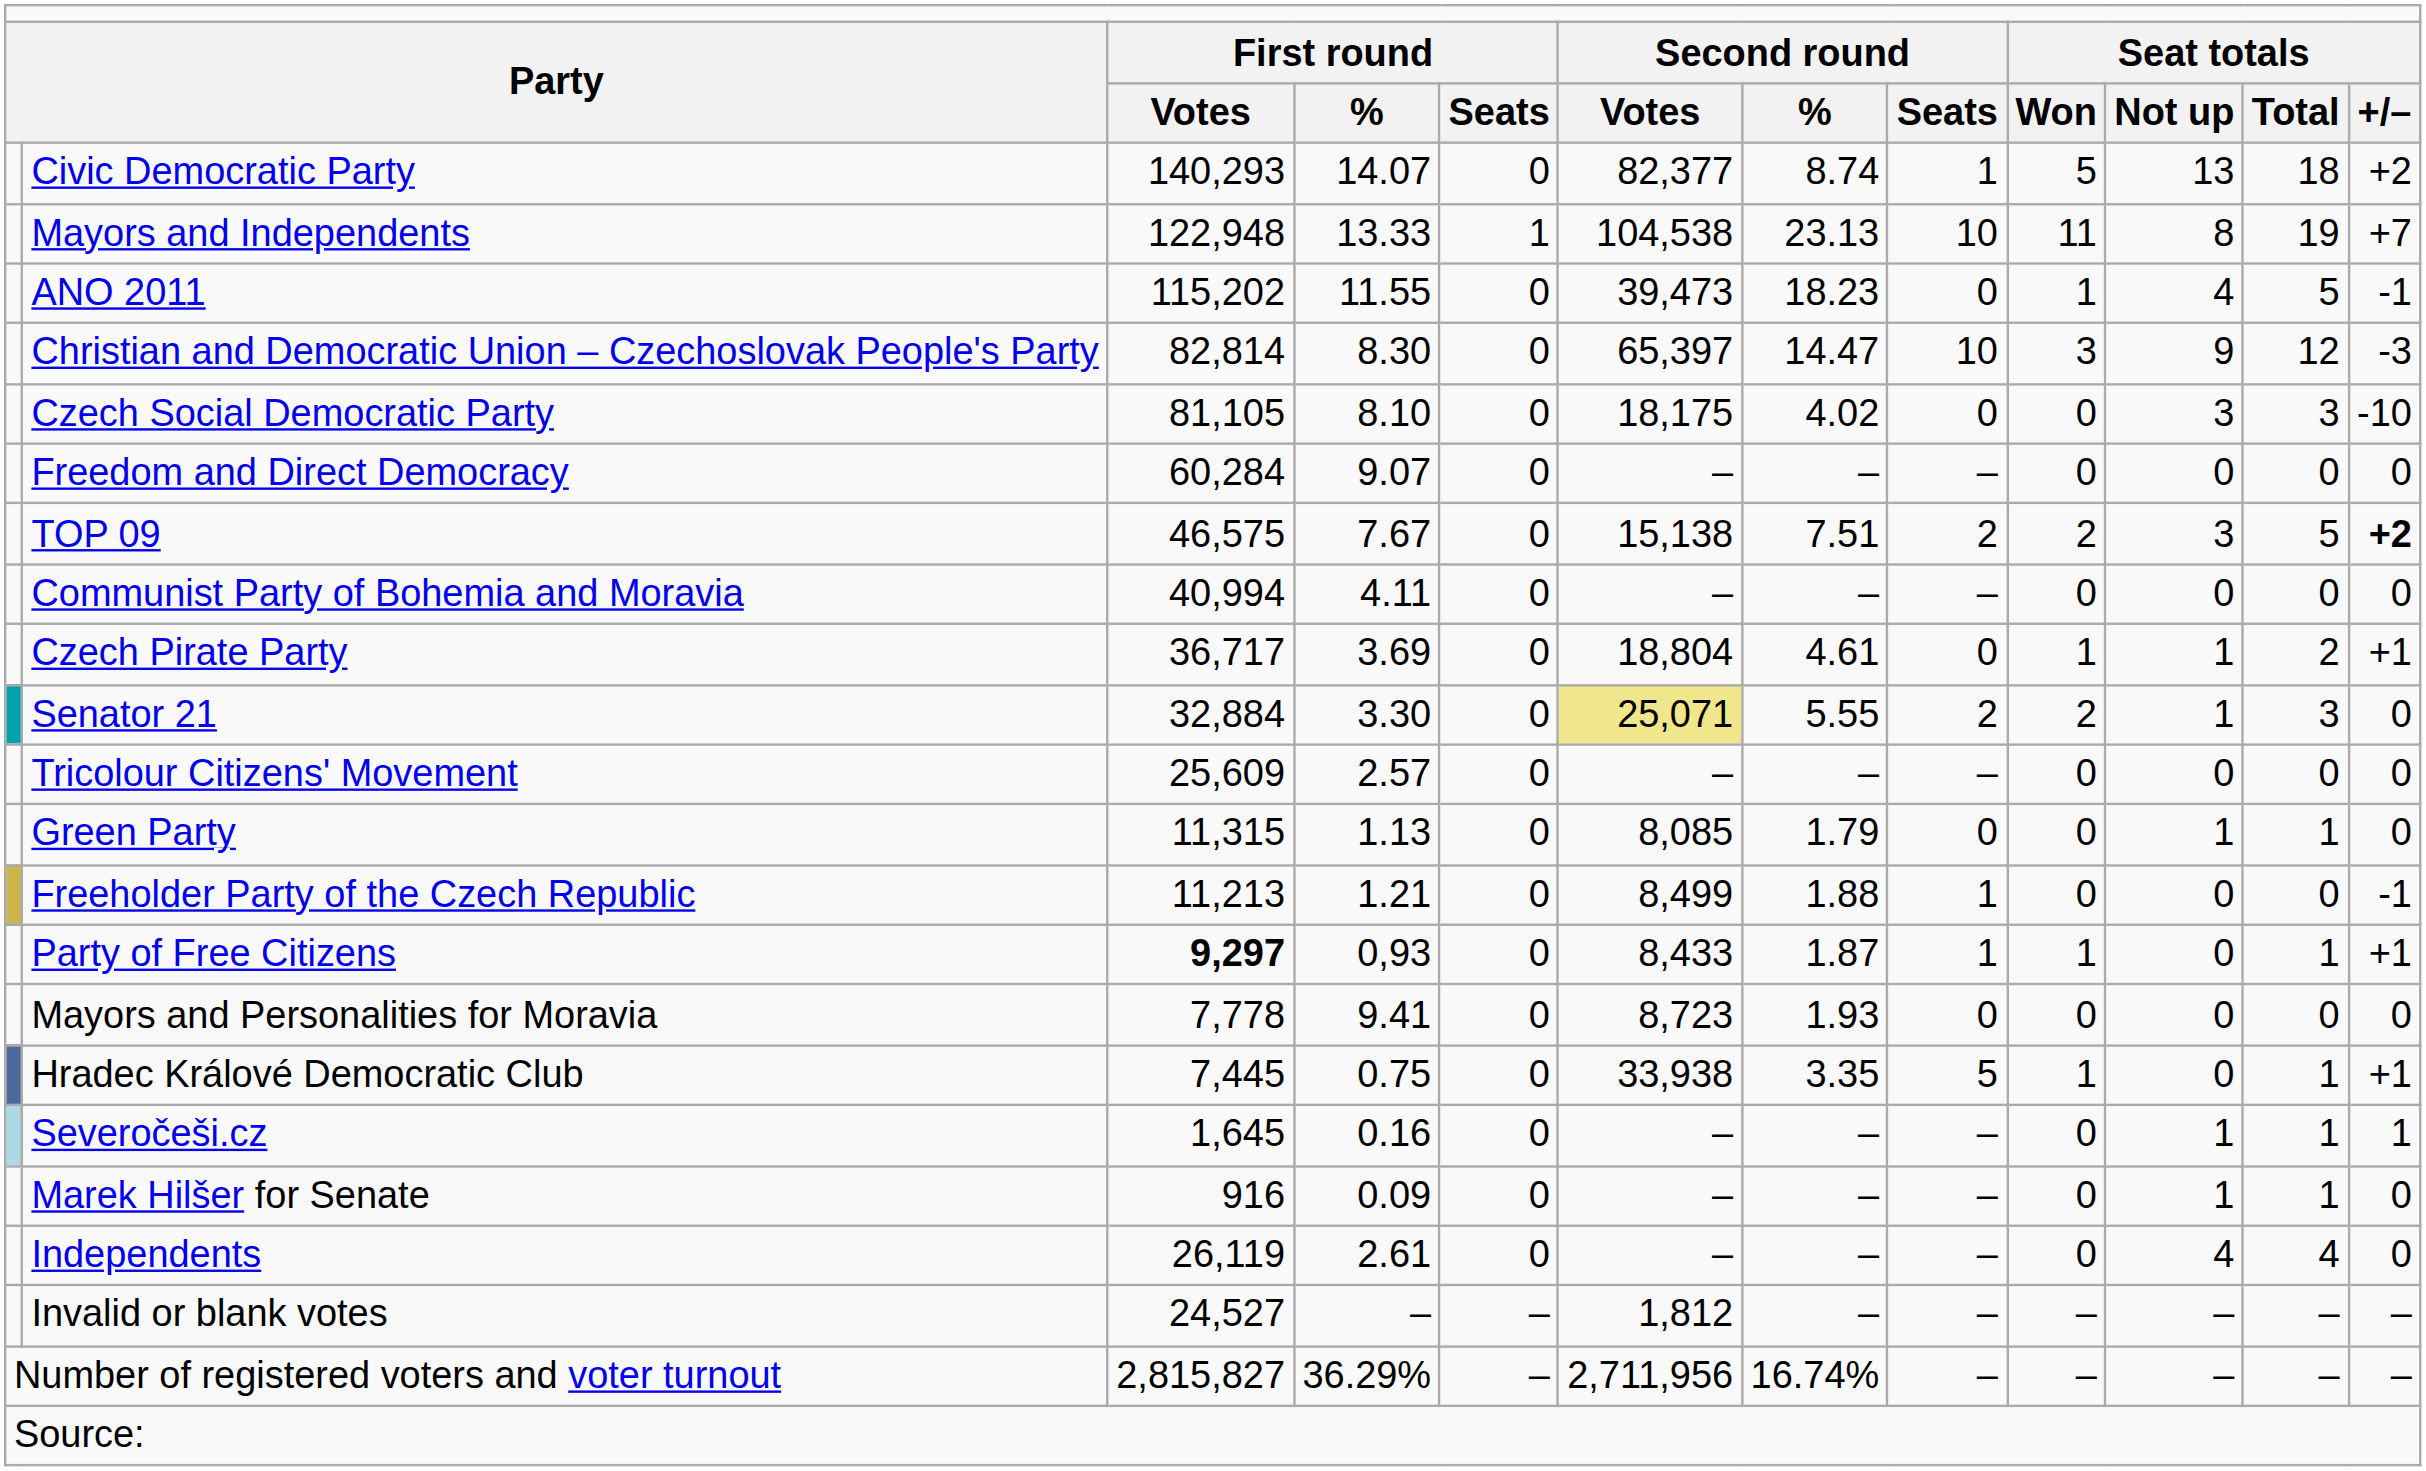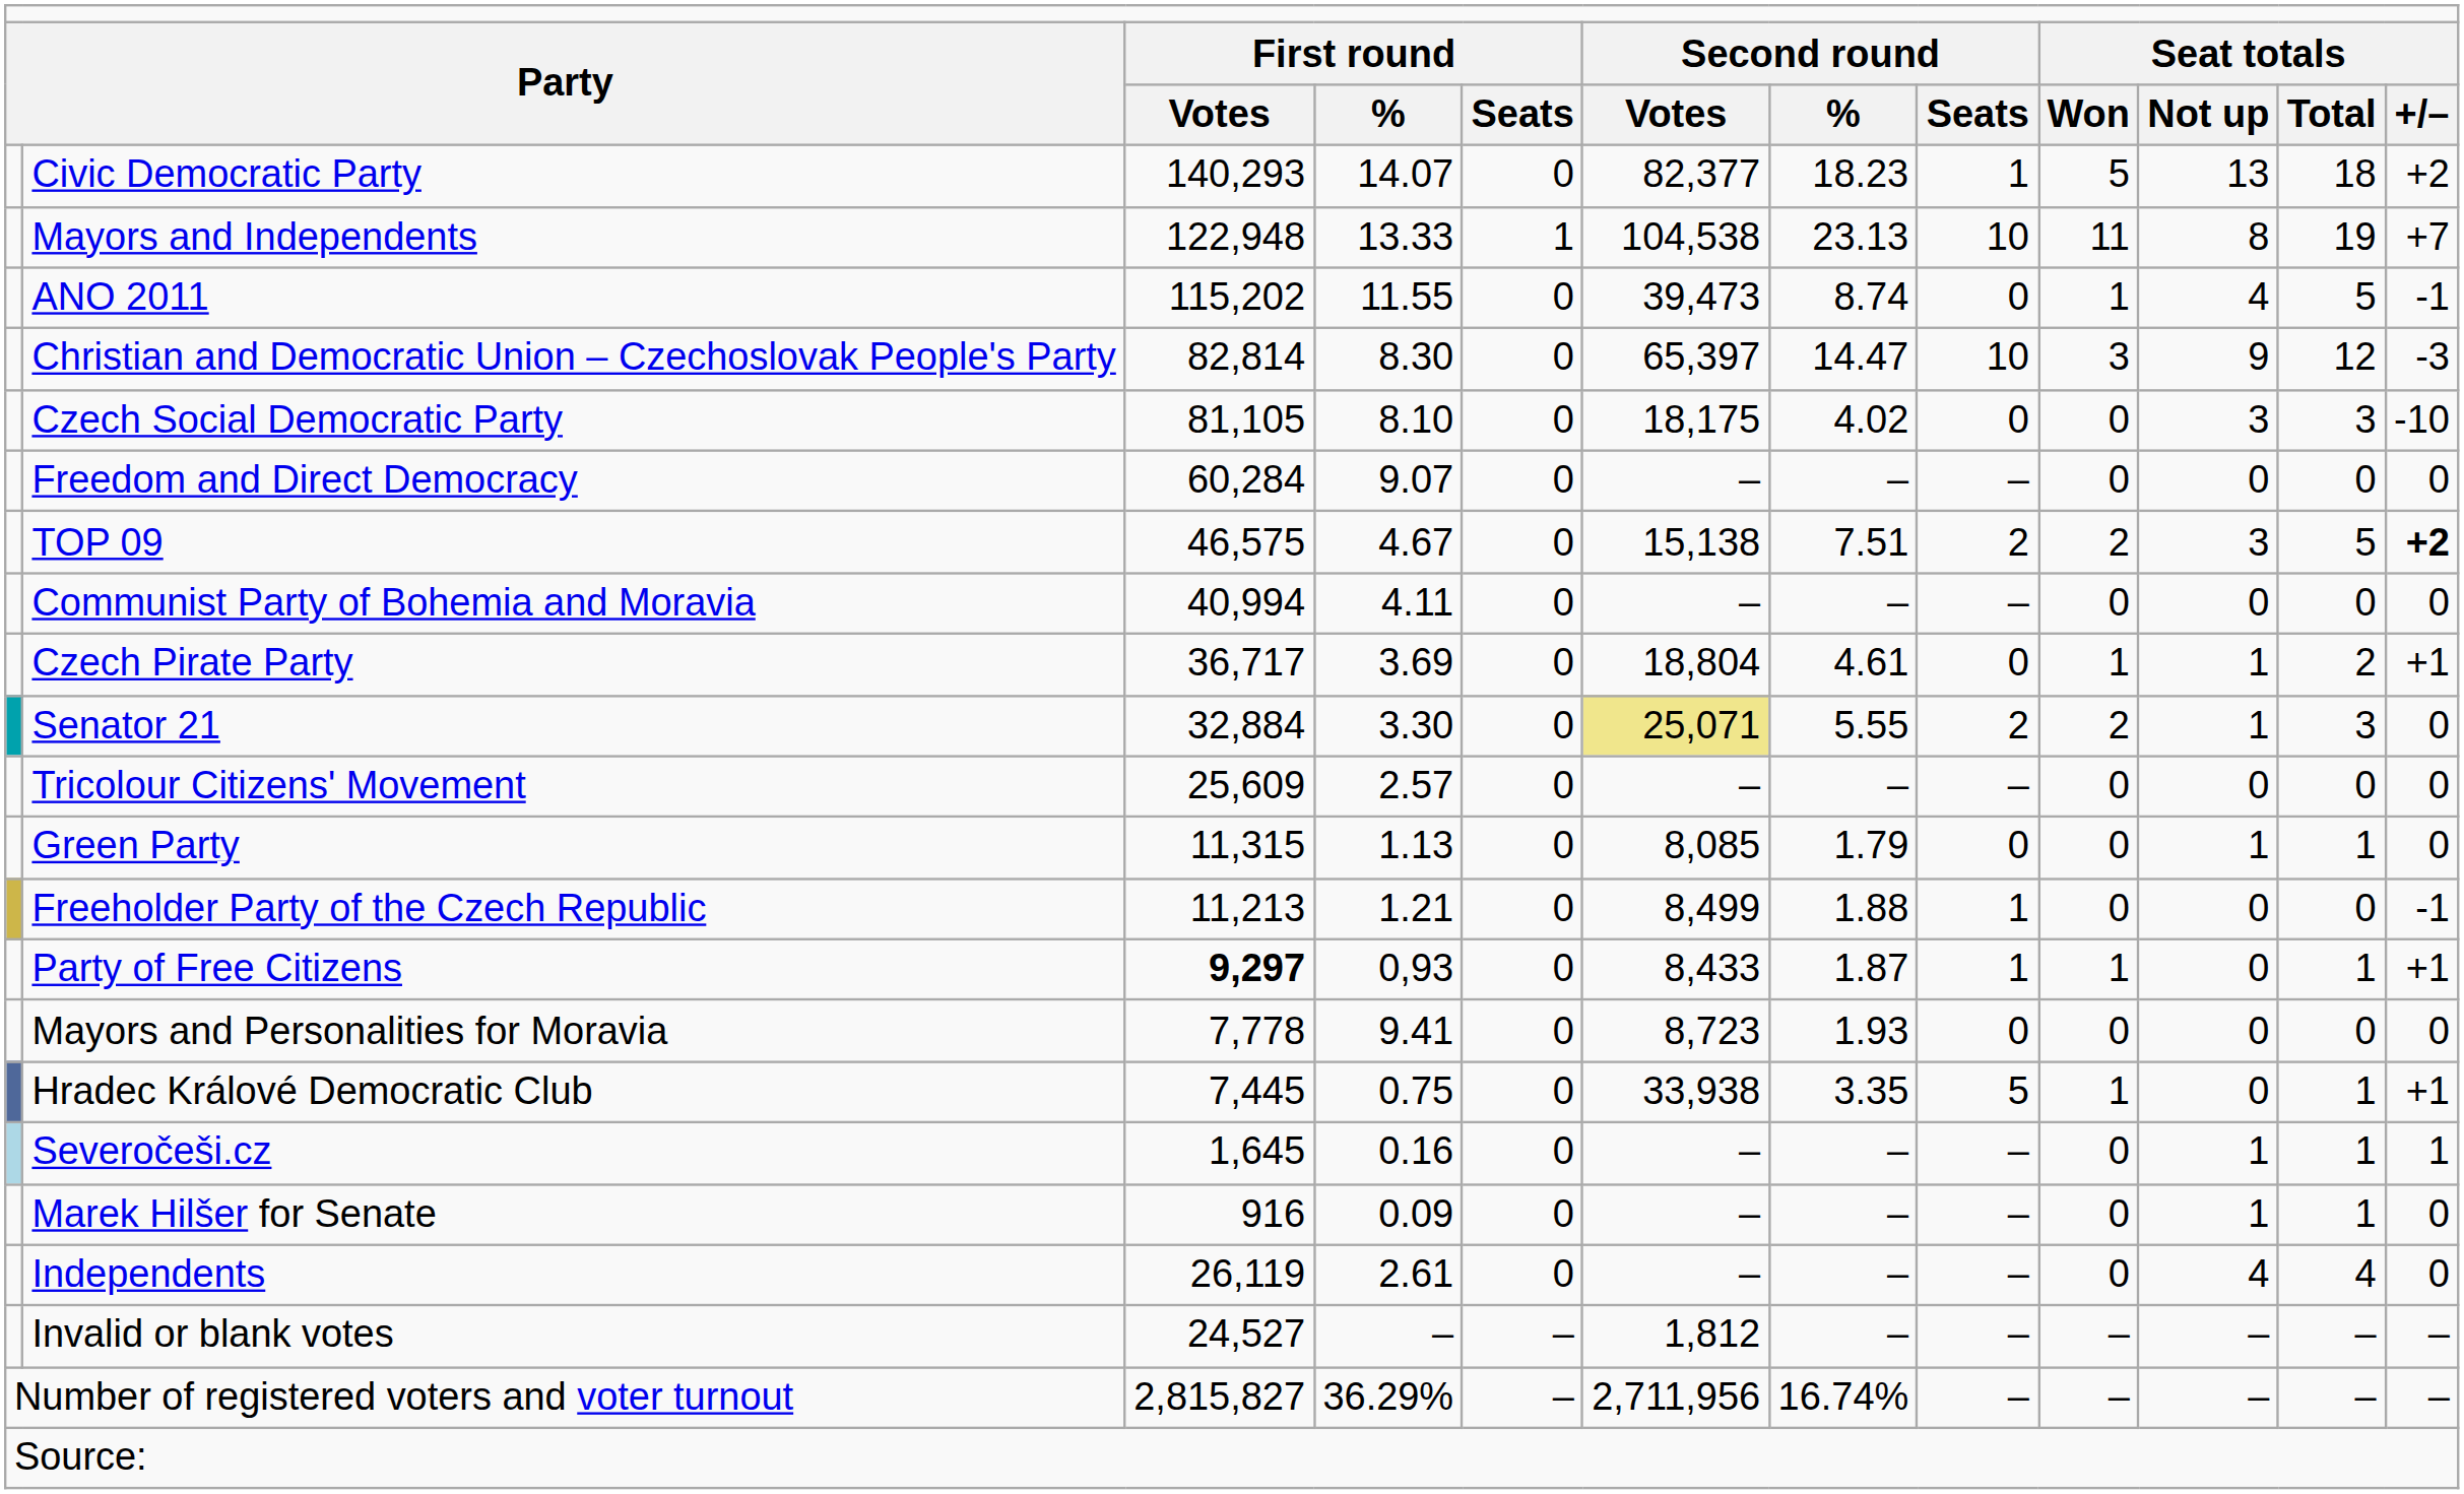 <table class="wikitable sortable" style="text-align:right">
 <tr>
 <td colspan=12></td>
 </tr>
 <tr>
 <th colspan=2 rowspan=2>Party</th>
 <th colspan=3>First round</th>
 <th colspan=3>Second round</th>
 <th colspan=4>Seat totals</th>
 </tr>
 <tr>
 <th>Votes</th>
 <th>%</th>
 <th>Seats</th>
 <th>Votes</th>
 <th>%</th>
 <th>Seats</th>
 <th>Won</th>
 <th>Not up</th>
 <th>Total</th>
 <th>+/–</th>
 </tr>
 <tr>
 <td style="background:"></td>
 <td align=left><a href='#'>Civic Democratic Party</a></td>
 <td>140,293</td>
 <td>14.07</td>
 <td>0</td>
 <td>82,377</td>
-<td>8.74</td>
+<td>18.23</td>
 <td>1</td>
 <td>5</td>
 <td>13</td>
 <td>18</td>
 <td>+2</td>
 </tr>
 <tr>
 <td style="background:"></td>
 <td align=left><a href='#'>Mayors and Independents</a></td>
 <td>122,948</td>
 <td>13.33</td>
 <td>1</td>
 <td>104,538</td>
 <td>23.13</td>
 <td>10</td>
 <td>11</td>
 <td>8</td>
 <td>19</td>
 <td>+7</td>
 </tr>
 <tr>
 <td style="background:"></td>
 <td align=left><a href='#'>ANO 2011</a></td>
 <td>115,202</td>
 <td>11.55</td>
 <td>0</td>
 <td>39,473</td>
-<td>18.23</td>
+<td>8.74</td>
 <td>0</td>
 <td>1</td>
 <td>4</td>
 <td>5</td>
 <td>-1</td>
 </tr>
 <tr>
 <td style="background:"></td>
 <td align=left><a href='#'>Christian and Democratic Union – Czechoslovak People's Party</a></td>
 <td>82,814</td>
 <td>8.30</td>
 <td>0</td>
 <td>65,397</td>
 <td>14.47</td>
 <td>10</td>
 <td>3</td>
 <td>9</td>
 <td>12</td>
 <td>-3</td>
 </tr>
 <tr>
 <td style="background:"></td>
 <td align=left><a href='#'>Czech Social Democratic Party</a></td>
 <td>81,105</td>
 <td>8.10</td>
 <td>0</td>
 <td>18,175</td>
 <td>4.02</td>
 <td>0</td>
 <td>0</td>
 <td>3</td>
 <td>3</td>
 <td>-10</td>
 </tr>
 <tr>
 <td style="background:"></td>
 <td align=left><a href='#'>Freedom and Direct Democracy</a></td>
 <td>60,284</td>
 <td>9.07</td>
 <td>0</td>
 <td>–</td>
 <td>–</td>
 <td>–</td>
 <td>0</td>
 <td>0</td>
 <td>0</td>
 <td>0</td>
 </tr>
 <tr>
 <td style="background:"></td>
 <td align=left><a href='#'>TOP 09</a></td>
 <td>46,575</td>
-<td>7.67</td>
+<td>4.67</td>
 <td>0</td>
 <td>15,138</td>
 <td>7.51</td>
 <td>2</td>
 <td>2</td>
 <td>3</td>
 <td>5</td>
 <td><strong>+2</strong></td>
 </tr>
 <tr>
 <td style="background:"></td>
 <td align=left><a href='#'>Communist Party of Bohemia and Moravia</a></td>
 <td>40,994</td>
 <td>4.11</td>
 <td>0</td>
 <td>–</td>
 <td>–</td>
 <td>–</td>
 <td>0</td>
 <td>0</td>
 <td>0</td>
 <td>0</td>
 </tr>
 <tr>
 <td style="background:"></td>
 <td align=left><a href='#'>Czech Pirate Party</a></td>
 <td>36,717</td>
 <td>3.69</td>
 <td>0</td>
 <td>18,804</td>
 <td>4.61</td>
 <td>0</td>
 <td>1</td>
 <td>1</td>
 <td>2</td>
 <td>+1</td>
 </tr>
 <tr>
 <td style="background:#00A2AD;"></td>
 <td align=left><a href='#'>Senator 21</a></td>
 <td>32,884</td>
 <td>3.30</td>
 <td>0</td>
 <td style="background: khaki;">25,071</td>
 <td>5.55</td>
 <td>2</td>
 <td>2</td>
 <td>1</td>
 <td>3</td>
 <td>0</td>
 </tr>
 <tr>
 <td style="background:"></td>
 <td align=left><a href='#'>Tricolour Citizens' Movement</a></td>
 <td>25,609</td>
 <td>2.57</td>
 <td>0</td>
 <td>–</td>
 <td>–</td>
 <td>–</td>
 <td>0</td>
 <td>0</td>
 <td>0</td>
 <td>0</td>
 </tr>
 <tr>
 <td style="background:"></td>
 <td align=left><a href='#'>Green Party</a></td>
 <td>11,315</td>
 <td>1.13</td>
 <td>0</td>
 <td>8,085</td>
 <td>1.79</td>
 <td>0</td>
 <td>0</td>
 <td>1</td>
 <td>1</td>
 <td>0</td>
 </tr>
 <tr>
 <td style="background:#cdb649;"></td>
 <td align=left><a href='#'>Freeholder Party of the Czech Republic</a></td>
 <td>11,213</td>
 <td>1.21</td>
 <td>0</td>
 <td>8,499</td>
 <td>1.88</td>
 <td>1</td>
 <td>0</td>
 <td>0</td>
 <td>0</td>
 <td>-1</td>
 </tr>
 <tr>
 <td style="background:"></td>
 <td align=left><a href='#'>Party of Free Citizens</a></td>
 <td><strong>9,297</strong></td>
 <td>0,93</td>
 <td>0</td>
 <td>8,433</td>
 <td>1.87</td>
 <td>1</td>
 <td>1</td>
 <td>0</td>
 <td>1</td>
 <td>+1</td>
 </tr>
 <tr>
 <td></td>
 <td align=left>Mayors and Personalities for Moravia</td>
 <td>7,778</td>
 <td>9.41</td>
 <td>0</td>
 <td>8,723</td>
 <td>1.93</td>
 <td>0</td>
 <td>0</td>
 <td>0</td>
 <td>0</td>
 <td>0</td>
 </tr>
 <tr>
 <td style="background:#4F689A;"></td>
 <td align=left>Hradec Králové Democratic Club</td>
 <td>7,445</td>
 <td>0.75</td>
 <td>0</td>
 <td>33,938</td>
 <td>3.35</td>
 <td>5</td>
 <td>1</td>
 <td>0</td>
 <td>1</td>
 <td>+1</td>
 </tr>
 <tr>
 <td style="background:lightblue;"></td>
 <td align=left><a href='#'>Severočeši.cz</a></td>
 <td>1,645</td>
 <td>0.16</td>
 <td>0</td>
 <td>–</td>
 <td>–</td>
 <td>–</td>
 <td>0</td>
 <td>1</td>
 <td>1</td>
 <td>1</td>
 </tr>
 <tr>
 <td></td>
 <td align=left><a href='#'>Marek Hilšer</a> for Senate</td>
 <td>916</td>
 <td>0.09</td>
 <td>0</td>
 <td>–</td>
 <td>–</td>
 <td>–</td>
 <td>0</td>
 <td>1</td>
 <td>1</td>
 <td>0</td>
 </tr>
 <tr>
 <td style="background:"></td>
 <td align=left><a href='#'>Independents</a></td>
 <td>26,119</td>
 <td>2.61</td>
 <td>0</td>
 <td>–</td>
 <td>–</td>
 <td>–</td>
 <td>0</td>
 <td>4</td>
 <td>4</td>
 <td>0</td>
 </tr>
 <tr>
 <td></td>
 <td align=left>Invalid or blank votes</td>
 <td>24,527</td>
 <td>–</td>
 <td>–</td>
 <td>1,812</td>
 <td>–</td>
 <td>–</td>
 <td>–</td>
 <td>–</td>
 <td>–</td>
 <td>–</td>
 </tr>
 <tr>
 <td align=left colspan=2>Number of registered voters and <a href='#'>voter turnout</a></td>
 <td>2,815,827</td>
 <td>36.29%</td>
 <td>–</td>
 <td>2,711,956</td>
 <td>16.74%</td>
 <td>–</td>
 <td>–</td>
 <td>–</td>
 <td>–</td>
 <td>–</td>
 </tr>
 <tr>
 <td colspan=12 align=left>Source: </td>
 </tr>
 </table>
